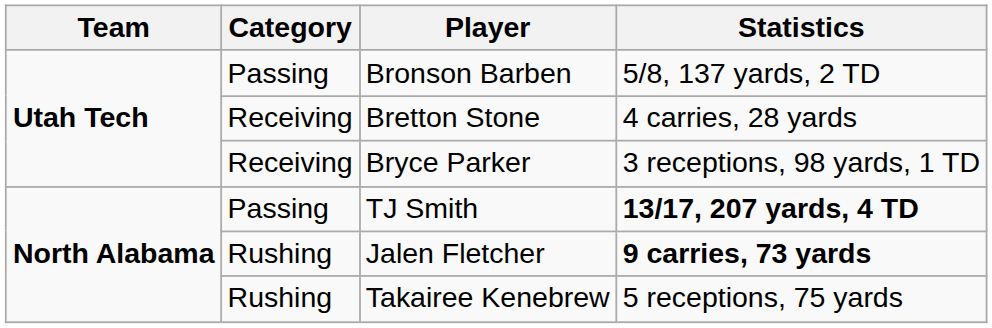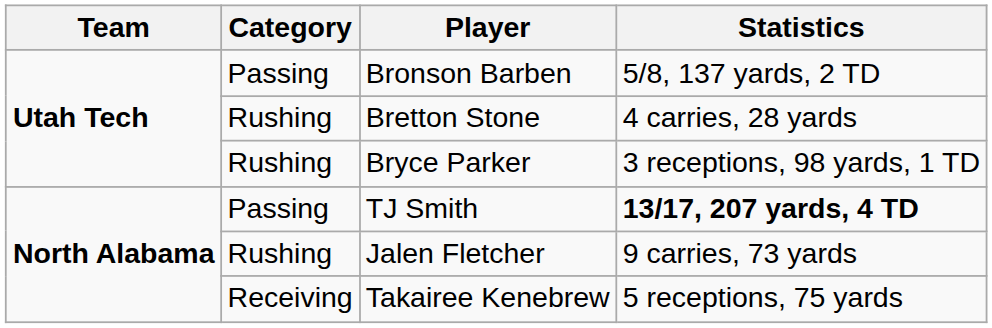 <table class="wikitable" style="float: right;">
 <tr>
 <th>Team</th>
 <th>Category</th>
 <th>Player</th>
 <th>Statistics</th>
 </tr>
 <tr>
 <td rowspan=3><strong>Utah Tech</strong></td>
 <td>Passing</td>
 <td>Bronson Barben</td>
 <td>5/8, 137 yards, 2 TD</td>
 </tr>
 <tr>
-<td>Receiving</td>
+<td>Rushing</td>
 <td>Bretton Stone</td>
 <td>4 carries, 28 yards</td>
 </tr>
 <tr>
-<td>Receiving</td>
+<td>Rushing</td>
 <td>Bryce Parker</td>
 <td>3 receptions, 98 yards, 1 TD</td>
 </tr>
 <tr>
 <td rowspan=3><strong>North Alabama</strong></td>
 <td>Passing</td>
 <td>TJ Smith</td>
 <td><strong>13/17, 207 yards, 4 TD</strong></td>
 </tr>
 <tr>
 <td>Rushing</td>
 <td>Jalen Fletcher</td>
-<td><strong>9 carries, 73 yards</strong></td>
+<td>9 carries, 73 yards</td>
 </tr>
 <tr>
-<td>Rushing</td>
+<td>Receiving</td>
 <td>Takairee Kenebrew</td>
 <td>5 receptions, 75 yards</td>
 </tr>
 </table>
